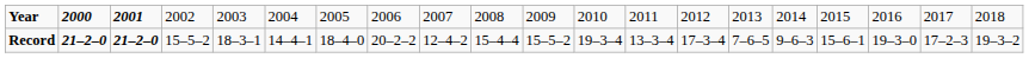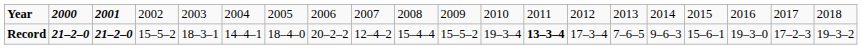 <table class="wikitable">
 <tr>
 <td><strong>Year</strong></td>
 <td><strong><em>2000</em></strong></td>
 <td><strong><em>2001</em></strong></td>
 <td>2002</td>
 <td>2003</td>
 <td>2004</td>
 <td>2005</td>
 <td>2006</td>
 <td>2007</td>
 <td>2008</td>
 <td>2009</td>
 <td>2010</td>
 <td>2011</td>
 <td>2012</td>
 <td>2013</td>
 <td>2014</td>
 <td>2015</td>
 <td>2016</td>
 <td>2017</td>
 <td>2018</td>
 </tr>
 <tr>
 <td><strong>Record</strong></td>
 <td><strong><em>21–2–0</em></strong></td>
 <td><strong><em>21–2–0</em></strong></td>
 <td>15–5–2</td>
 <td>18–3–1</td>
 <td>14–4–1</td>
 <td>18–4–0</td>
 <td>20–2–2</td>
 <td>12–4–2</td>
 <td>15–4–4</td>
 <td>15–5–2</td>
 <td>19–3–4</td>
-<td>13–3–4</td>
+<td><strong>13–3–4</strong></td>
 <td>17–3–4</td>
 <td>7–6–5</td>
 <td>9–6–3</td>
 <td>15–6–1</td>
 <td>19–3–0</td>
 <td>17–2–3</td>
 <td>19–3–2</td>
 </tr>
 </table>
